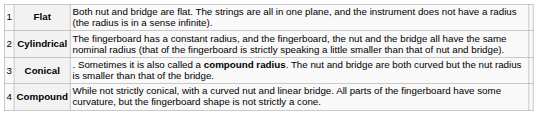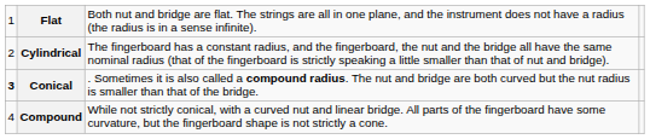 <table class="wikitable">
 <tr>
 <td>1</td>
 <th>Flat</th>
 <td>Both nut and bridge are flat. The strings are all in one plane, and the instrument does not have a radius (the radius is in a sense infinite).</td>
 <td></td>
 </tr>
 <tr>
 <td>2</td>
 <th>Cylindrical</th>
 <td>The fingerboard has a constant radius, and the fingerboard, the nut and the bridge all have the same nominal radius (that of the fingerboard is strictly speaking a little smaller than that of nut and bridge).</td>
 <td></td>
 </tr>
 <tr>
-<td>3</td>
+<td><strong>3</strong></td>
 <th>Conical</th>
 <td>. Sometimes it is also called a <strong>compound radius</strong>. The nut and bridge are both curved but the nut radius is smaller than that of the bridge.</td>
 <td></td>
 </tr>
 <tr>
 <td>4</td>
 <th>Compound</th>
 <td>While not strictly conical, with a curved nut and linear bridge. All parts of the fingerboard have some curvature, but the fingerboard shape is not strictly a cone.</td>
 <td></td>
 </tr>
 </table>
